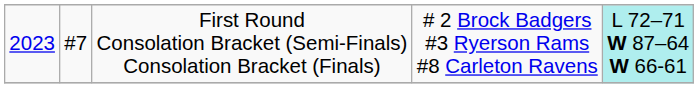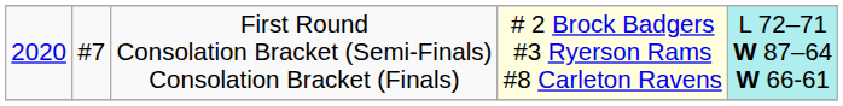 <table class="wikitable" style="text-align:center">
 <tr>
 </tr>
 <tr>
-<td rowspan=1><a href='#'>2023</a></td>
+<td rowspan=1><a href='#'>2020</a></td>
 <td>#7</td>
 <td>First Round<br>Consolation Bracket (Semi-Finals)<br> Consolation Bracket (Finals)</td>
-<td># 2 <a href='#'>Brock Badgers</a><br>#3 <a href='#'>Ryerson Rams</a><br>#8 <a href='#'>Carleton Ravens</a></td>
+<td style="background: lightyellow;"># 2 <a href='#'>Brock Badgers</a><br>#3 <a href='#'>Ryerson Rams</a><br>#8 <a href='#'>Carleton Ravens</a></td>
 <td style="background: paleturquoise;">L 72–71<br><strong>W</strong> 87–64<br><strong>W</strong> 66-61</td>
 </tr>
 <tr style="text-align:center;">
 </tr>
 </table>
